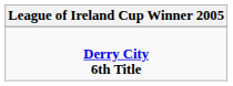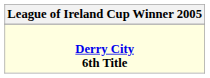 <table class="wikitable" style="text-align: center; margin: 0 auto;">
 <tr>
 <th>League of Ireland Cup Winner 2005</th>
 </tr>
 <tr>
 </tr>
 <tr>
-<td><br><strong><a href='#'>Derry City</a></strong><br><strong>6th Title</strong></td>
+<td style="background: lightyellow;"><br><strong><a href='#'>Derry City</a></strong><br><strong>6th Title</strong></td>
 </tr>
 </table>
